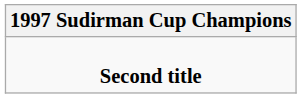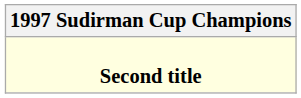 <table class=wikitable style="text-align:center; margin:auto">
 <tr>
 <th>1997 Sudirman Cup Champions</th>
 </tr>
 <tr>
-<td><strong></strong> <br> <strong>Second title</strong></td>
+<td style="background: lightyellow;"><strong></strong> <br> <strong>Second title</strong></td>
 </tr>
 </table>
